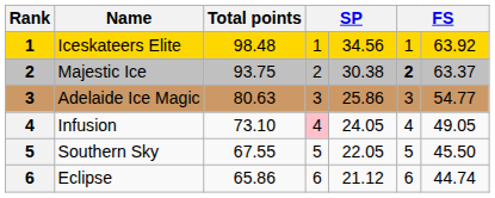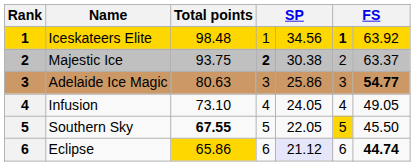 <table class="wikitable sortable">
 <tr>
 <th>Rank</th>
 <th>Name</th>
 <th>Total points</th>
 <th colspan="2" width="80px"><a href='#'>SP</a></th>
 <th colspan="2" width="80px"><a href='#'>FS</a></th>
 </tr>
 <tr bgcolor="gold">
 <td align="center"><strong>1</strong></td>
 <td>Iceskateers Elite</td>
 <td align="center">98.48</td>
 <td align="center">1</td>
 <td align="center">34.56</td>
-<td align="center">1</td>
+<td align="center"><strong>1</strong></td>
 <td align="center">63.92</td>
 </tr>
 <tr bgcolor="silver">
 <td align="center"><strong>2</strong></td>
 <td>Majestic Ice</td>
 <td align="center">93.75</td>
+<td align="center"><strong>2</strong></td>
+<td align="center">30.38</td>
 <td align="center">2</td>
-<td align="center">30.38</td>
-<td align="center"><strong>2</strong></td>
 <td align="center">63.37</td>
 </tr>
 <tr bgcolor="cc9966">
 <td align="center"><strong>3</strong></td>
 <td>Adelaide Ice Magic</td>
 <td align="center">80.63</td>
 <td align="center">3</td>
 <td align="center">25.86</td>
 <td align="center">3</td>
-<td align="center">54.77</td>
+<td align="center"><strong>54.77</strong></td>
 </tr>
 <tr>
 <th>4</th>
 <td>Infusion</td>
 <td align="center">73.10</td>
-<td align="center" style="background: pink;">4</td>
+<td align="center">4</td>
 <td align="center">24.05</td>
 <td align="center">4</td>
 <td align="center">49.05</td>
 </tr>
 <tr>
 <th>5</th>
 <td>Southern Sky</td>
-<td align="center">67.55</td>
+<td align="center"><strong>67.55</strong></td>
 <td align="center">5</td>
 <td align="center">22.05</td>
-<td align="center">5</td>
+<td align="center" style="background: gold;">5</td>
 <td align="center">45.50</td>
 </tr>
 <tr>
 <th>6</th>
 <td>Eclipse</td>
-<td align="center">65.86</td>
+<td align="center" style="background: gold;">65.86</td>
 <td align="center">6</td>
-<td align="center">21.12</td>
+<td align="center" style="background: lavender;">21.12</td>
 <td align="center">6</td>
-<td align="center">44.74</td>
+<td align="center"><strong>44.74</strong></td>
 </tr>
 </table>
